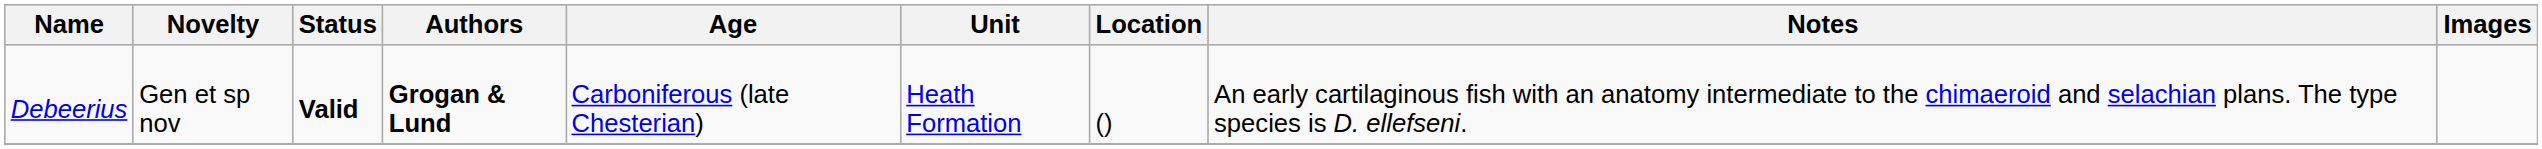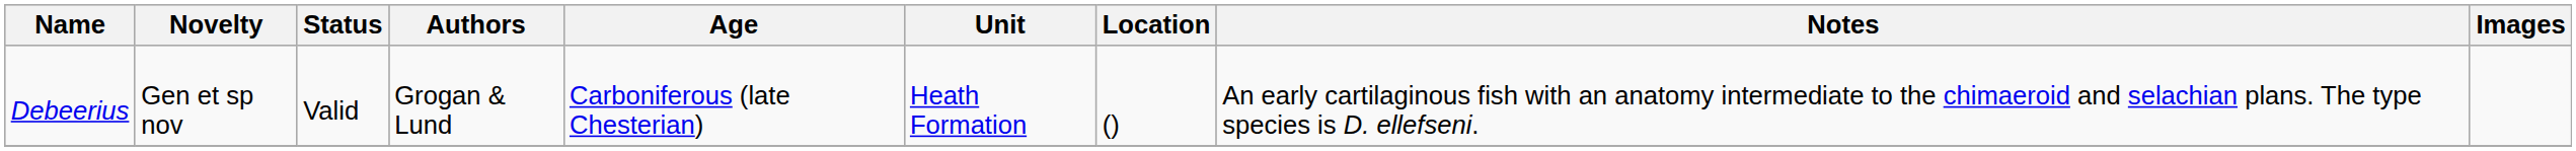 <table class="wikitable sortable" align="center" width="100%">
 <tr>
 <th>Name</th>
 <th>Novelty</th>
 <th>Status</th>
 <th>Authors</th>
 <th>Age</th>
 <th>Unit</th>
 <th>Location</th>
 <th>Notes</th>
 <th>Images</th>
 </tr>
 <tr>
 <td><br><em><a href='#'>Debeerius</a></em></td>
 <td><br>Gen et sp nov</td>
-<td><strong><br>Valid</strong></td>
-<td><strong><br>Grogan & Lund</strong></td>
+<td><br>Valid</td>
+<td><br>Grogan & Lund</td>
 <td><br><a href='#'>Carboniferous</a> (late <a href='#'>Chesterian</a>)</td>
 <td><br><a href='#'>Heath Formation</a></td>
 <td><br><br>()</td>
 <td><br>An early cartilaginous fish with an anatomy intermediate to the <a href='#'>chimaeroid</a> and <a href='#'>selachian</a> plans. The type species is <em>D. ellefseni</em>.</td>
 <td></td>
 </tr>
 <tr>
 </tr>
 </table>
